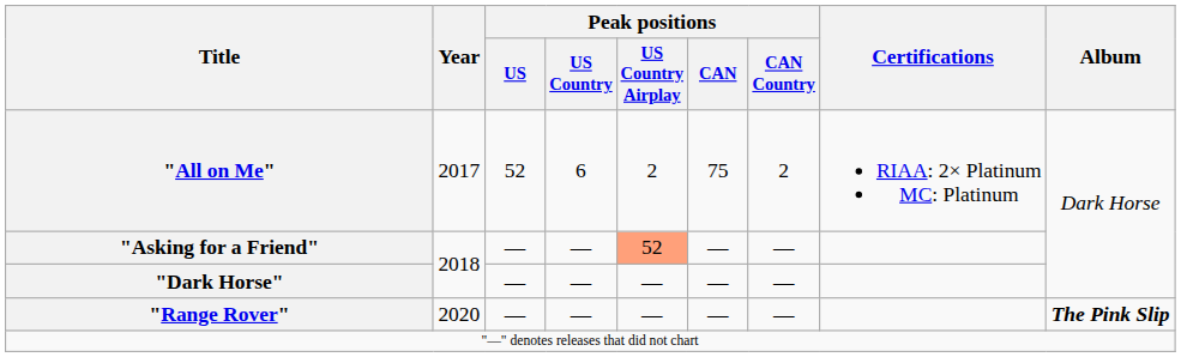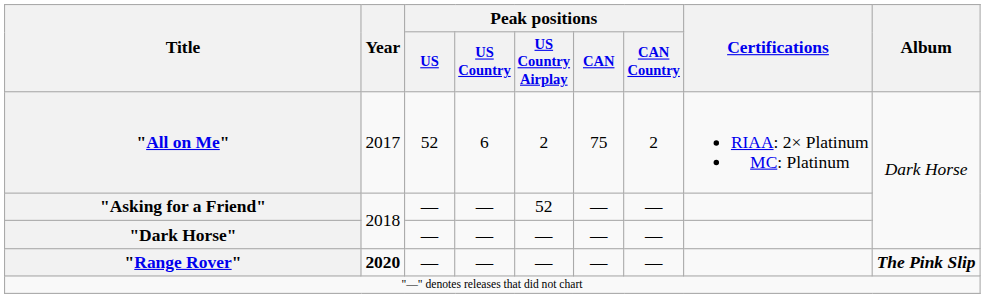 <table class="wikitable plainrowheaders" style="text-align:center;">
 <tr>
 <th rowspan="2" style="width:20em;">Title</th>
 <th rowspan="2">Year</th>
 <th colspan="5">Peak positions</th>
 <th scope="col" rowspan="2"><a href='#'>Certifications</a></th>
 <th rowspan="2">Album</th>
 </tr>
 <tr style="font-size:smaller;">
 <th width="40"><a href='#'>US</a><br></th>
 <th width="40"><a href='#'>US<br> Country</a><br></th>
 <th width="40"><a href='#'>US<br> Country<br> Airplay</a><br></th>
 <th width="40"><a href='#'>CAN</a><br></th>
 <th width="40"><a href='#'>CAN Country</a><br></th>
 </tr>
 <tr>
 <th scope="row">"<a href='#'>All on Me</a>"</th>
 <td>2017</td>
 <td>52</td>
 <td>6</td>
 <td>2</td>
 <td>75</td>
 <td>2</td>
 <td><br><ul><li><a href='#'>RIAA</a>: 2× Platinum</li><li><a href='#'>MC</a>: Platinum</li></ul></td>
 <td rowspan="3"><em>Dark Horse</em></td>
 </tr>
 <tr>
 <th scope="row">"Asking for a Friend"</th>
 <td rowspan="2">2018</td>
 <td>—</td>
 <td>—</td>
-<td style="background: lightsalmon;">52</td>
+<td>52</td>
 <td>—</td>
 <td>—</td>
 <td></td>
 </tr>
 <tr>
 <th scope="row">"Dark Horse"</th>
 <td>—</td>
 <td>—</td>
 <td>—</td>
 <td>—</td>
 <td>—</td>
 <td></td>
 </tr>
 <tr>
 <th scope="row">"<a href='#'>Range Rover</a>"</th>
-<td>2020</td>
+<td><strong>2020</strong></td>
 <td>—</td>
 <td>—</td>
 <td>—</td>
 <td>—</td>
 <td>—</td>
 <td></td>
 <td><strong><em>The Pink Slip</em></strong></td>
 </tr>
 <tr>
 <td colspan="10" style="font-size:8pt">"—" denotes releases that did not chart</td>
 </tr>
 </table>
